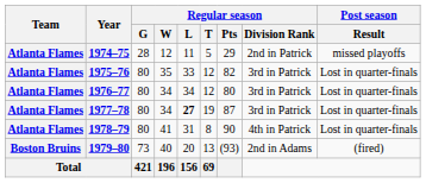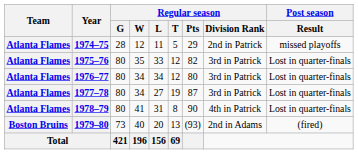 <table class="wikitable" style="font-size: 95%; text-align:center;">
 <tr>
 <th rowspan="2">Team</th>
 <th rowspan="2">Year</th>
 <th colspan="6"><a href='#'>Regular season</a></th>
 <th colspan="1"><a href='#'>Post season</a></th>
 </tr>
 <tr>
 <th>G</th>
 <th>W</th>
 <th>L</th>
 <th>T</th>
 <th>Pts</th>
 <th>Division Rank</th>
 <th>Result</th>
 </tr>
 <tr>
 <th><a href='#'>Atlanta Flames</a></th>
 <th><a href='#'>1974–75</a></th>
 <td>28</td>
 <td>12</td>
 <td>11</td>
 <td>5</td>
 <td>29</td>
 <td>2nd in Patrick</td>
 <td>missed playoffs</td>
 </tr>
 <tr>
 <th><a href='#'>Atlanta Flames</a></th>
 <th><a href='#'>1975–76</a></th>
 <td>80</td>
 <td>35</td>
 <td>33</td>
 <td>12</td>
 <td>82</td>
 <td>3rd in Patrick</td>
 <td>Lost in quarter-finals</td>
 </tr>
 <tr>
 <th><a href='#'>Atlanta Flames</a></th>
 <th><a href='#'>1976–77</a></th>
 <td>80</td>
 <td>34</td>
 <td>34</td>
 <td>12</td>
 <td>80</td>
 <td>3rd in Patrick</td>
 <td>Lost in quarter-finals</td>
 </tr>
 <tr>
 <th><a href='#'>Atlanta Flames</a></th>
 <th><a href='#'>1977–78</a></th>
 <td>80</td>
 <td>34</td>
-<td><strong>27</strong></td>
+<td>27</td>
 <td>19</td>
 <td>87</td>
 <td>3rd in Patrick</td>
 <td>Lost in quarter-finals</td>
 </tr>
 <tr>
 <th><a href='#'>Atlanta Flames</a></th>
 <th><a href='#'>1978–79</a></th>
 <td>80</td>
 <td>41</td>
 <td>31</td>
 <td>8</td>
 <td>90</td>
 <td>4th in Patrick</td>
 <td>Lost in quarter-finals</td>
 </tr>
 <tr>
 <th><a href='#'>Boston Bruins</a></th>
 <th><a href='#'>1979–80</a></th>
 <td>73</td>
 <td>40</td>
 <td>20</td>
 <td>13</td>
 <td>(93)</td>
 <td>2nd in Adams</td>
 <td>(fired)</td>
 </tr>
 <tr>
 <th colspan="2">Total</th>
 <th>421</th>
 <th>196</th>
 <th>156</th>
 <th>69</th>
 <th></th>
 </tr>
 </table>
